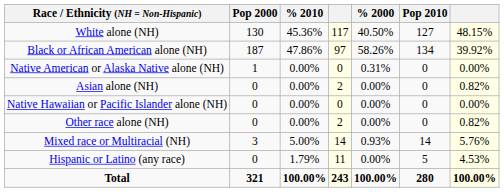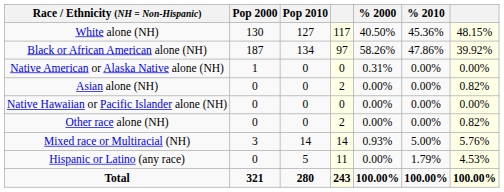 <table class="wikitable" style="text-align:center;">
 <tr>
 <th>Race / Ethnicity <small>(<em>NH = Non-Hispanic</em>)</small></th>
 <th>Pop 2000</th>
-<th>% 2010</th>
+<th>Pop 2010</th>
 <th></th>
 <th>% 2000</th>
-<th>Pop 2010</th>
+<th>% 2010</th>
 <th></th>
 </tr>
 <tr>
 <td><a href='#'>White</a> alone (NH)</td>
 <td>130</td>
-<td>45.36%</td>
+<td>127</td>
 <td style='background: #ffffe6;'>117</td>
 <td>40.50%</td>
-<td>127</td>
+<td>45.36%</td>
 <td style='background: #ffffe6;'>48.15%</td>
 </tr>
 <tr>
 <td><a href='#'>Black or African American</a> alone (NH)</td>
 <td>187</td>
-<td>47.86%</td>
+<td>134</td>
 <td style='background: #ffffe6;'>97</td>
 <td>58.26%</td>
-<td>134</td>
+<td>47.86%</td>
 <td style='background: #ffffe6;'>39.92%</td>
 </tr>
 <tr>
 <td><a href='#'>Native American</a> or <a href='#'>Alaska Native</a> alone (NH)</td>
 <td>1</td>
-<td>0.00%</td>
+<td>0</td>
 <td style='background: #ffffe6;'>0</td>
 <td>0.31%</td>
-<td>0</td>
+<td>0.00%</td>
 <td style='background: #ffffe6;'>0.00%</td>
 </tr>
 <tr>
 <td><a href='#'>Asian</a> alone (NH)</td>
 <td>0</td>
-<td>0.00%</td>
+<td>0</td>
 <td style='background: #ffffe6;'>2</td>
 <td>0.00%</td>
-<td>0</td>
+<td>0.00%</td>
 <td style='background: #ffffe6;'>0.82%</td>
 </tr>
 <tr>
 <td><a href='#'>Native Hawaiian</a> or <a href='#'>Pacific Islander</a> alone (NH)</td>
 <td>0</td>
-<td>0.00%</td>
+<td>0</td>
 <td style='background: #ffffe6;'>0</td>
 <td>0.00%</td>
-<td>0</td>
+<td>0.00%</td>
 <td style='background: #ffffe6;'>0.00%</td>
 </tr>
 <tr>
 <td><a href='#'>Other race</a> alone (NH)</td>
 <td>0</td>
-<td>0.00%</td>
+<td>0</td>
 <td style='background: #ffffe6;'>2</td>
 <td>0.00%</td>
-<td>0</td>
+<td>0.00%</td>
 <td style='background: #ffffe6;'>0.82%</td>
 </tr>
 <tr>
 <td><a href='#'>Mixed race or Multiracial</a> (NH)</td>
 <td>3</td>
-<td>5.00%</td>
+<td>14</td>
 <td style='background: #ffffe6;'>14</td>
 <td>0.93%</td>
-<td>14</td>
+<td>5.00%</td>
 <td style='background: #ffffe6;'>5.76%</td>
 </tr>
 <tr>
 <td><a href='#'>Hispanic or Latino</a> (any race)</td>
 <td>0</td>
-<td>1.79%</td>
+<td>5</td>
 <td style='background: #ffffe6;'>11</td>
 <td>0.00%</td>
-<td>5</td>
+<td>1.79%</td>
 <td style='background: #ffffe6;'>4.53%</td>
 </tr>
 <tr>
 <td><strong>Total</strong></td>
 <td><strong>321</strong></td>
-<td><strong>100.00%</strong></td>
+<td><strong>280</strong></td>
 <td style='background: #ffffe6;'><strong>243</strong></td>
 <td><strong>100.00%</strong></td>
-<td><strong>280</strong></td>
+<td><strong>100.00%</strong></td>
 <td style='background: #ffffe6;'><strong>100.00%</strong></td>
 </tr>
 </table>
